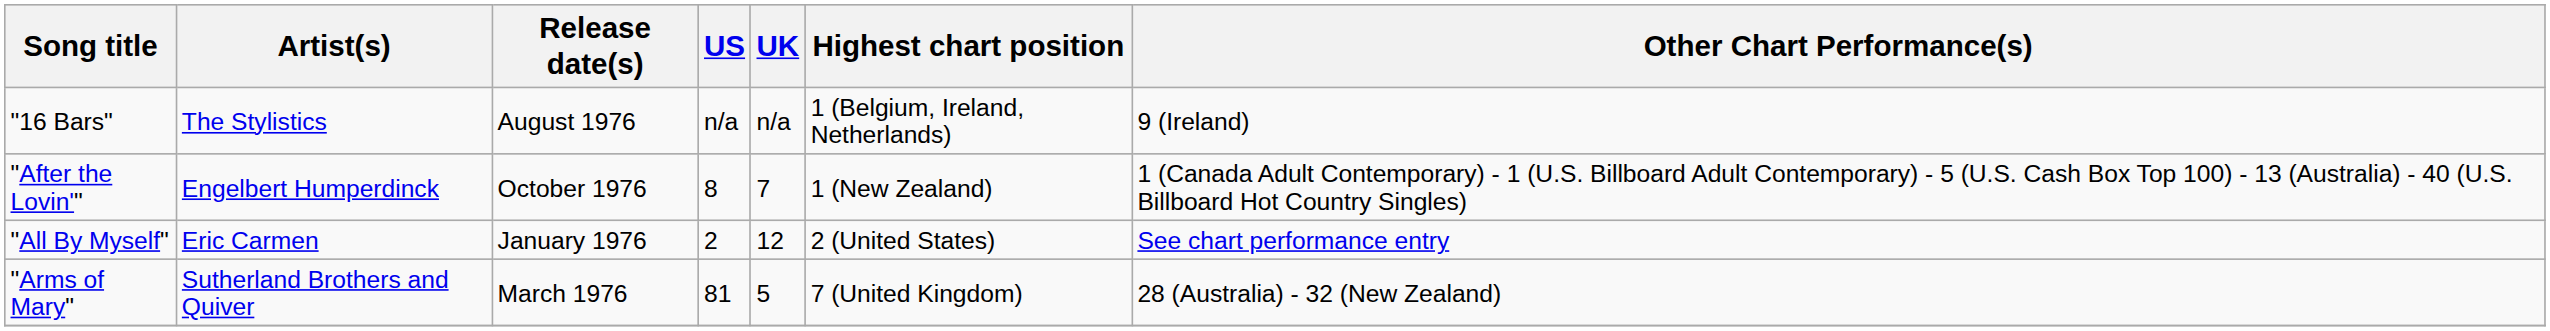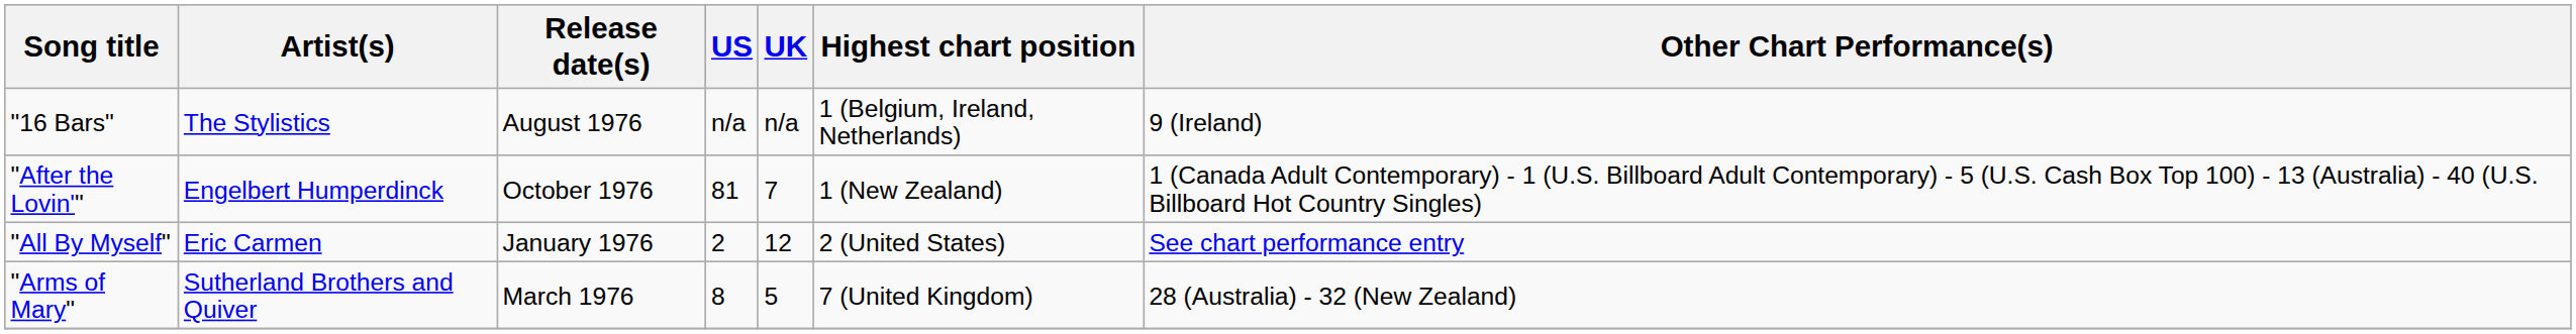 <table class="wikitable sortable" style="font-size:95%;">
 <tr>
 <th><big>Song title</big></th>
 <th><big>Artist(s)</big></th>
 <th><big>Release date(s)</big></th>
 <th><big><a href='#'>US</a></big></th>
 <th><big><a href='#'>UK</a></big></th>
 <th><big>Highest chart position</big></th>
 <th><big>Other Chart Performance(s)</big></th>
 </tr>
 <tr>
 <td>"16 Bars"</td>
 <td><a href='#'>The Stylistics</a></td>
 <td>August 1976</td>
 <td>n/a</td>
 <td>n/a</td>
 <td>1 (Belgium, Ireland, Netherlands)</td>
 <td>9 (Ireland)</td>
 </tr>
 <tr>
 <td>"<a href='#'>After the Lovin'</a>"</td>
 <td><a href='#'>Engelbert Humperdinck</a></td>
 <td>October 1976</td>
-<td>8</td>
+<td>81</td>
 <td>7</td>
 <td>1 (New Zealand)</td>
 <td>1 (Canada Adult Contemporary) - 1 (U.S. Billboard Adult Contemporary) - 5 (U.S. Cash Box Top 100) - 13 (Australia) - 40 (U.S. Billboard Hot Country Singles)</td>
 </tr>
 <tr>
 <td>"<a href='#'>All By Myself</a>"</td>
 <td><a href='#'>Eric Carmen</a></td>
 <td>January 1976</td>
 <td>2</td>
 <td>12</td>
 <td>2 (United States)</td>
 <td><a href='#'>See chart performance entry</a></td>
 </tr>
 <tr>
 <td>"<a href='#'>Arms of Mary</a>"</td>
 <td><a href='#'>Sutherland Brothers and Quiver</a></td>
 <td>March 1976</td>
-<td>81</td>
+<td>8</td>
 <td>5</td>
 <td>7 (United Kingdom)</td>
 <td>28 (Australia) - 32 (New Zealand)</td>
 </tr>
 <tr>
 </tr>
 </table>
